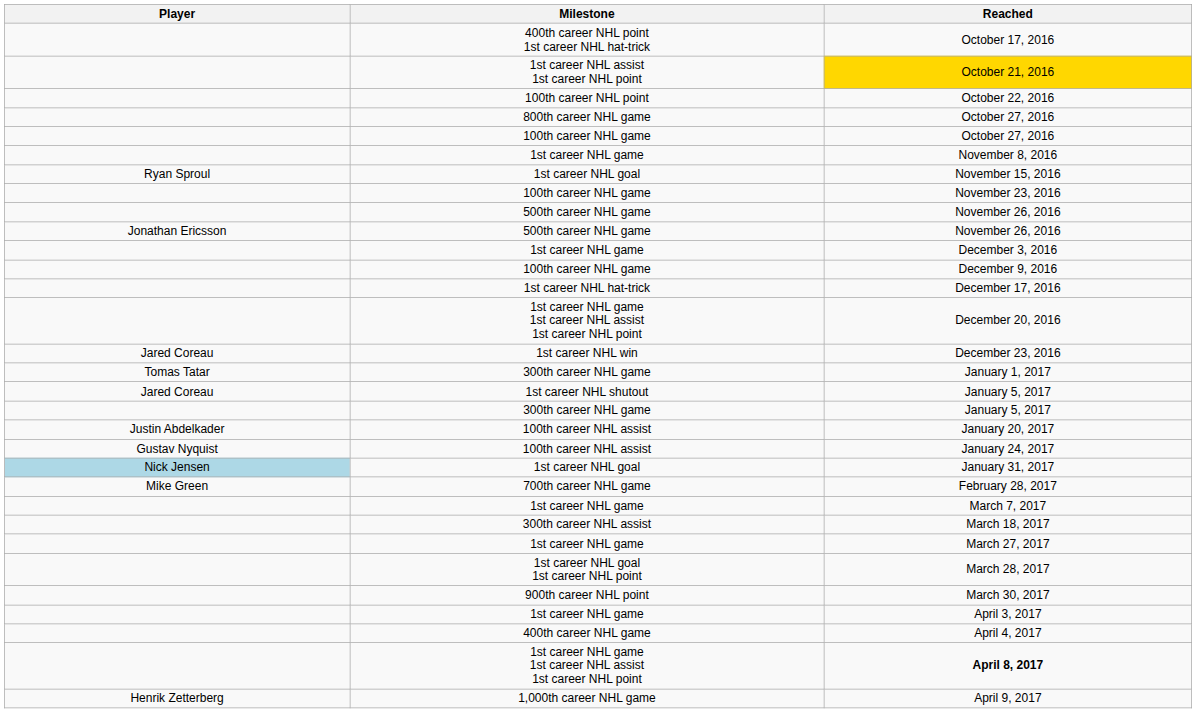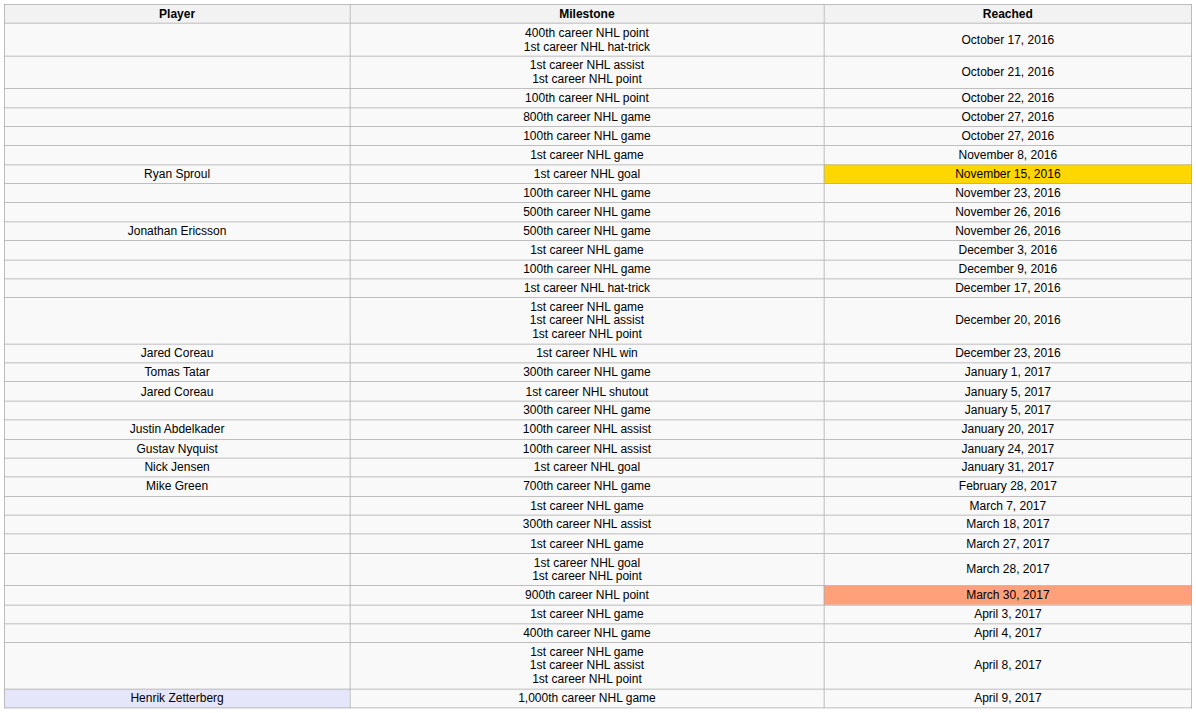 <table class="wikitable sortable" style="width:100%;">
 <tr align=center>
 <th>Player</th>
 <th>Milestone</th>
 <th data-sort-type="date">Reached</th>
 </tr>
 <tr align=center>
 <td></td>
 <td>400th career NHL point<br>1st career NHL hat-trick</td>
 <td>October 17, 2016</td>
 </tr>
 <tr align=center>
 <td></td>
 <td>1st career NHL assist<br>1st career NHL point</td>
-<td style="background: gold;">October 21, 2016</td>
+<td>October 21, 2016</td>
 </tr>
 <tr align=center>
 <td></td>
 <td>100th career NHL point</td>
 <td>October 22, 2016</td>
 </tr>
 <tr align=center>
 <td></td>
 <td>800th career NHL game</td>
 <td>October 27, 2016</td>
 </tr>
 <tr align=center>
 <td></td>
 <td>100th career NHL game</td>
 <td>October 27, 2016</td>
 </tr>
 <tr align=center>
 <td></td>
 <td>1st career NHL game</td>
 <td>November 8, 2016</td>
 </tr>
 <tr align=center>
 <td>Ryan Sproul</td>
 <td>1st career NHL goal</td>
-<td>November 15, 2016</td>
+<td style="background: gold;">November 15, 2016</td>
 </tr>
 <tr align=center>
 <td></td>
 <td>100th career NHL game</td>
 <td>November 23, 2016</td>
 </tr>
 <tr align=center>
 <td></td>
 <td>500th career NHL game</td>
 <td>November 26, 2016</td>
 </tr>
 <tr align=center>
 <td>Jonathan Ericsson</td>
 <td>500th career NHL game</td>
 <td>November 26, 2016</td>
 </tr>
 <tr align=center>
 <td></td>
 <td>1st career NHL game</td>
 <td>December 3, 2016</td>
 </tr>
 <tr align=center>
 <td></td>
 <td>100th career NHL game</td>
 <td>December 9, 2016</td>
 </tr>
 <tr align=center>
 <td></td>
 <td>1st career NHL hat-trick</td>
 <td>December 17, 2016</td>
 </tr>
 <tr align=center>
 <td></td>
 <td>1st career NHL game<br>1st career NHL assist<br>1st career NHL point</td>
 <td>December 20, 2016</td>
 </tr>
 <tr align=center>
 <td>Jared Coreau</td>
 <td>1st career NHL win</td>
 <td>December 23, 2016</td>
 </tr>
 <tr align=center>
 <td>Tomas Tatar</td>
 <td>300th career NHL game</td>
 <td>January 1, 2017</td>
 </tr>
 <tr align=center>
 <td>Jared Coreau</td>
 <td>1st career NHL shutout</td>
 <td>January 5, 2017</td>
 </tr>
 <tr align=center>
 <td></td>
 <td>300th career NHL game</td>
 <td>January 5, 2017</td>
 </tr>
 <tr align=center>
 <td>Justin Abdelkader</td>
 <td>100th career NHL assist</td>
 <td>January 20, 2017</td>
 </tr>
 <tr align=center>
 <td>Gustav Nyquist</td>
 <td>100th career NHL assist</td>
 <td>January 24, 2017</td>
 </tr>
 <tr align=center>
-<td style="background: lightblue;">Nick Jensen</td>
+<td>Nick Jensen</td>
 <td>1st career NHL goal</td>
 <td>January 31, 2017</td>
 </tr>
 <tr align=center>
 <td>Mike Green</td>
 <td>700th career NHL game</td>
 <td>February 28, 2017</td>
 </tr>
 <tr align=center>
 <td></td>
 <td>1st career NHL game</td>
 <td>March 7, 2017</td>
 </tr>
 <tr align=center>
 <td></td>
 <td>300th career NHL assist</td>
 <td>March 18, 2017</td>
 </tr>
 <tr align=center>
 <td></td>
 <td>1st career NHL game</td>
 <td>March 27, 2017</td>
 </tr>
 <tr align=center>
 <td></td>
 <td>1st career NHL goal<br>1st career NHL point</td>
 <td>March 28, 2017</td>
 </tr>
 <tr align=center>
 <td></td>
 <td>900th career NHL point</td>
-<td>March 30, 2017</td>
+<td style="background: lightsalmon;">March 30, 2017</td>
 </tr>
 <tr align=center>
 <td></td>
 <td>1st career NHL game</td>
 <td>April 3, 2017</td>
 </tr>
 <tr align=center>
 <td></td>
 <td>400th career NHL game</td>
 <td>April 4, 2017</td>
 </tr>
 <tr align=center>
 <td></td>
 <td>1st career NHL game<br>1st career NHL assist<br>1st career NHL point</td>
-<td><strong>April 8, 2017</strong></td>
+<td>April 8, 2017</td>
 </tr>
 <tr align=center>
-<td>Henrik Zetterberg</td>
+<td style="background: lavender;">Henrik Zetterberg</td>
 <td>1,000th career NHL game</td>
 <td>April 9, 2017</td>
 </tr>
 </table>
